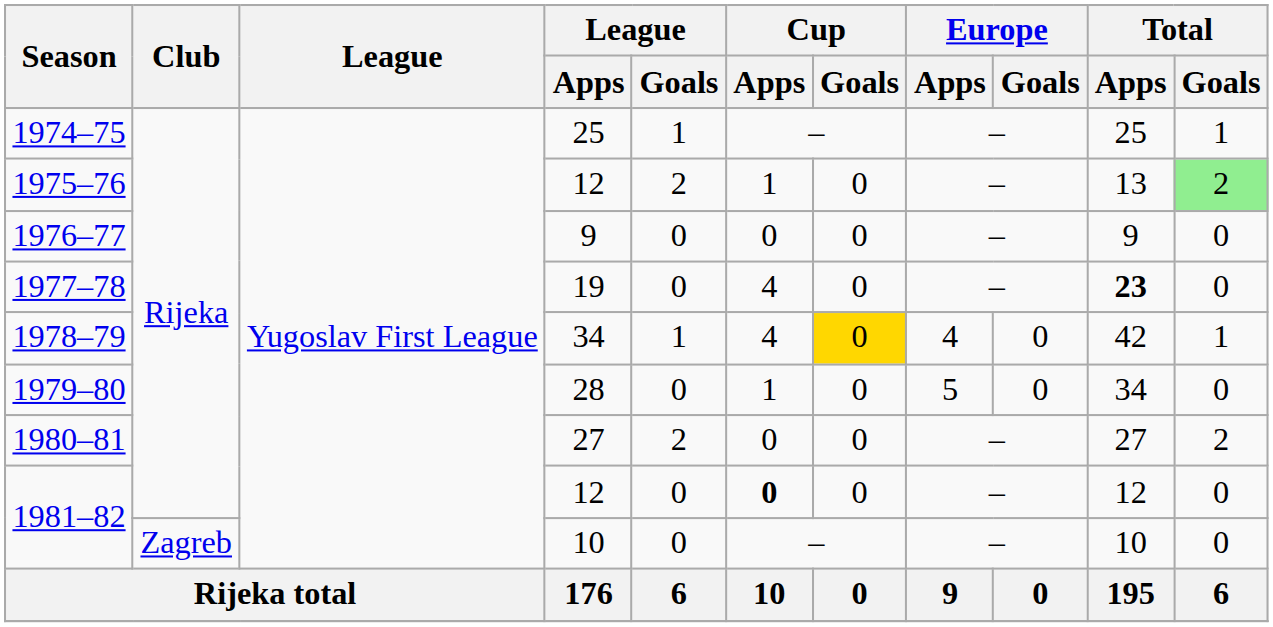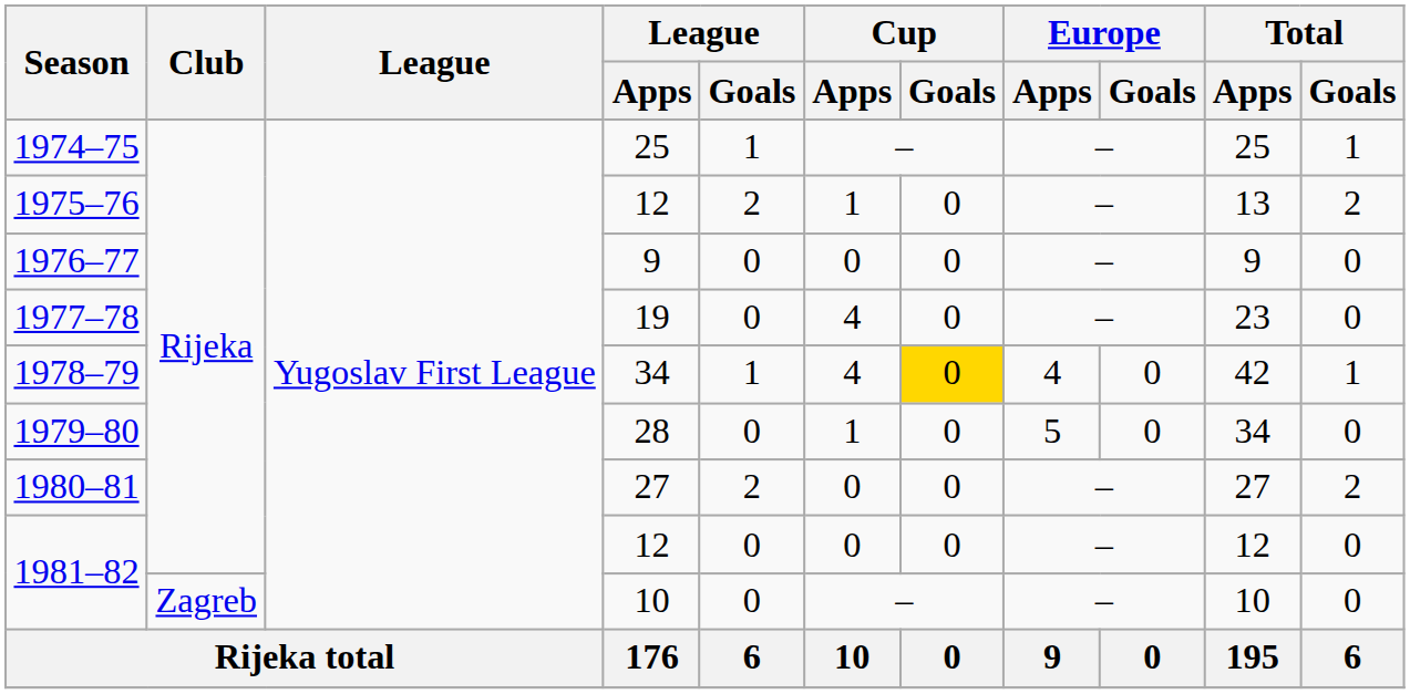 <table class="wikitable" style="font-size:100%; text-align: center">
 <tr>
 <th rowspan="2">Season</th>
 <th rowspan="2">Club</th>
 <th rowspan="2">League</th>
 <th colspan="2">League</th>
 <th colspan="2">Cup</th>
 <th colspan="2"><a href='#'>Europe</a></th>
 <th colspan="2">Total</th>
 </tr>
 <tr>
 <th>Apps</th>
 <th>Goals</th>
 <th>Apps</th>
 <th>Goals</th>
 <th>Apps</th>
 <th>Goals</th>
 <th>Apps</th>
 <th>Goals</th>
 </tr>
 <tr>
 <td><a href='#'>1974–75</a></td>
 <td rowspan="8" valign="center"><a href='#'>Rijeka</a></td>
 <td rowspan="9"><a href='#'>Yugoslav First League</a></td>
 <td>25</td>
 <td>1</td>
 <td colspan="2">–</td>
 <td colspan="2">–</td>
 <td>25</td>
 <td>1</td>
 </tr>
 <tr>
 <td><a href='#'>1975–76</a></td>
 <td>12</td>
 <td>2</td>
 <td>1</td>
 <td>0</td>
 <td colspan="2">–</td>
 <td>13</td>
-<td style="background: lightgreen;">2</td>
+<td>2</td>
 </tr>
 <tr>
 <td><a href='#'>1976–77</a></td>
 <td>9</td>
 <td>0</td>
 <td>0</td>
 <td>0</td>
 <td colspan="2">–</td>
 <td>9</td>
 <td>0</td>
 </tr>
 <tr>
 <td><a href='#'>1977–78</a></td>
 <td>19</td>
 <td>0</td>
 <td>4</td>
 <td>0</td>
 <td colspan="2">–</td>
-<td><strong>23</strong></td>
+<td>23</td>
 <td>0</td>
 </tr>
 <tr>
 <td><a href='#'>1978–79</a></td>
 <td>34</td>
 <td>1</td>
 <td>4</td>
 <td style="background: gold;">0</td>
 <td>4</td>
 <td>0</td>
 <td>42</td>
 <td>1</td>
 </tr>
 <tr>
 <td><a href='#'>1979–80</a></td>
 <td>28</td>
 <td>0</td>
 <td>1</td>
 <td>0</td>
 <td>5</td>
 <td>0</td>
 <td>34</td>
 <td>0</td>
 </tr>
 <tr>
 <td><a href='#'>1980–81</a></td>
 <td>27</td>
 <td>2</td>
 <td>0</td>
 <td>0</td>
 <td colspan="2">–</td>
 <td>27</td>
 <td>2</td>
 </tr>
 <tr>
 <td rowspan=2><a href='#'>1981–82</a></td>
 <td>12</td>
 <td>0</td>
-<td><strong>0</strong></td>
+<td>0</td>
 <td>0</td>
 <td colspan="2">–</td>
 <td>12</td>
 <td>0</td>
 </tr>
 <tr>
 <td><a href='#'>Zagreb</a></td>
 <td>10</td>
 <td>0</td>
 <td colspan="2">–</td>
 <td colspan="2">–</td>
 <td>10</td>
 <td>0</td>
 </tr>
 <tr>
 <th colspan=3>Rijeka total</th>
 <th>176</th>
 <th>6</th>
 <th>10</th>
 <th>0</th>
 <th>9</th>
 <th>0</th>
 <th>195</th>
 <th>6</th>
 </tr>
 <tr>
 </tr>
 </table>
